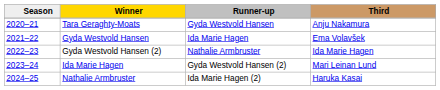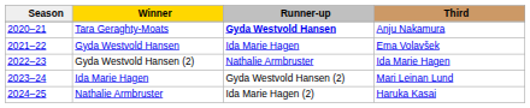 <table class="wikitable sortable" style="background:#fff; font-size:86%; line-height:16px; border:gray solid 1px; width:720px;">
 <tr style="background:#ccc; text-align:center;">
 <th style="width:13%; background:#efefef;">     Season</th>
 <th style="width:29%; background:gold">     Winner</th>
 <th style="width:29%; background:silver">     Runner-up</th>
 <th style="width:29%; background:#c96;">     Third</th>
 </tr>
 <tr>
 </tr>
 <tr>
 </tr>
 <tr>
 <td><a href='#'>2020–21</a></td>
 <td> <a href='#'>Tara Geraghty-Moats</a></td>
-<td> <a href='#'>Gyda Westvold Hansen</a></td>
+<td><strong> <a href='#'>Gyda Westvold Hansen</a></strong></td>
 <td> <a href='#'>Anju Nakamura</a></td>
 </tr>
 <tr>
 <td><a href='#'>2021–22</a></td>
 <td> <a href='#'>Gyda Westvold Hansen</a></td>
 <td> <a href='#'>Ida Marie Hagen</a></td>
 <td> <a href='#'>Ema Volavšek</a></td>
 </tr>
 <tr>
 <td><a href='#'>2022–23</a></td>
 <td> Gyda Westvold Hansen (2)</td>
 <td> <a href='#'>Nathalie Armbruster</a></td>
 <td> <a href='#'>Ida Marie Hagen</a></td>
 </tr>
 <tr>
 <td><a href='#'>2023–24</a></td>
 <td> <a href='#'>Ida Marie Hagen</a></td>
 <td> Gyda Westvold Hansen (2)</td>
 <td> <a href='#'>Mari Leinan Lund</a></td>
 </tr>
 <tr>
 <td><a href='#'>2024–25</a></td>
 <td> <a href='#'>Nathalie Armbruster</a></td>
 <td> Ida Marie Hagen (2)</td>
 <td> <a href='#'>Haruka Kasai</a></td>
 </tr>
 </table>
